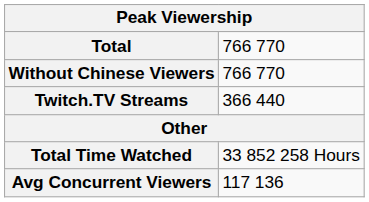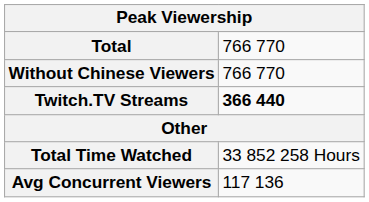 <table class="wikitable">
 <tr>
 <th colspan=2>Peak Viewership</th>
 </tr>
 <tr>
 <th>Total</th>
 <td>766 770</td>
 </tr>
 <tr>
 <th>Without Chinese Viewers</th>
 <td>766 770</td>
 </tr>
 <tr>
 <th>Twitch.TV Streams</th>
-<td>366 440</td>
+<td><strong>366 440</strong></td>
 </tr>
 <tr>
 <th colspan=2>Other</th>
 </tr>
 <tr>
 <th>Total Time Watched</th>
 <td>33 852 258 Hours</td>
 </tr>
 <tr>
 <th>Avg Concurrent Viewers</th>
 <td>117 136</td>
 </tr>
 </table>
